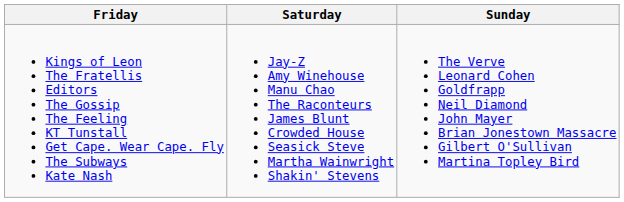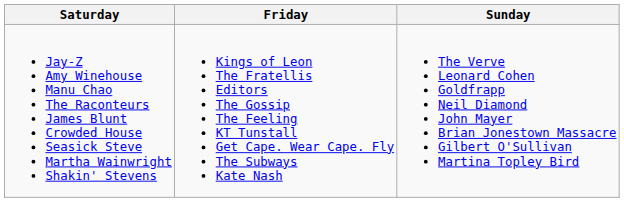 <table class="wikitable">
 <tr>
+<th>Saturday</th>
 <th>Friday</th>
-<th>Saturday</th>
 <th>Sunday</th>
 </tr>
 <tr valign="top">
+<td><br><ul><li><a href='#'>Jay-Z</a></li><li><a href='#'>Amy Winehouse</a></li><li><a href='#'>Manu Chao</a></li><li><a href='#'>The Raconteurs</a></li><li><a href='#'>James Blunt</a></li><li><a href='#'>Crowded House</a></li><li><a href='#'>Seasick Steve</a></li><li><a href='#'>Martha Wainwright</a></li><li><a href='#'>Shakin' Stevens</a></li></ul></td>
 <td><br><ul><li><a href='#'>Kings of Leon</a></li><li><a href='#'>The Fratellis</a></li><li><a href='#'>Editors</a></li><li><a href='#'>The Gossip</a></li><li><a href='#'>The Feeling</a></li><li><a href='#'>KT Tunstall</a></li><li><a href='#'>Get Cape. Wear Cape. Fly</a></li><li><a href='#'>The Subways</a></li><li><a href='#'>Kate Nash</a></li></ul></td>
-<td><br><ul><li><a href='#'>Jay-Z</a></li><li><a href='#'>Amy Winehouse</a></li><li><a href='#'>Manu Chao</a></li><li><a href='#'>The Raconteurs</a></li><li><a href='#'>James Blunt</a></li><li><a href='#'>Crowded House</a></li><li><a href='#'>Seasick Steve</a></li><li><a href='#'>Martha Wainwright</a></li><li><a href='#'>Shakin' Stevens</a></li></ul></td>
 <td><br><ul><li><a href='#'>The Verve</a></li><li><a href='#'>Leonard Cohen</a></li><li><a href='#'>Goldfrapp</a></li><li><a href='#'>Neil Diamond</a></li><li><a href='#'>John Mayer</a></li><li><a href='#'>Brian Jonestown Massacre</a></li><li><a href='#'>Gilbert O'Sullivan</a></li><li><a href='#'>Martina Topley Bird</a></li></ul></td>
 </tr>
 </table>
